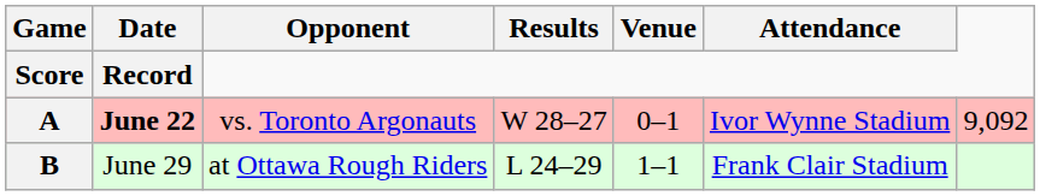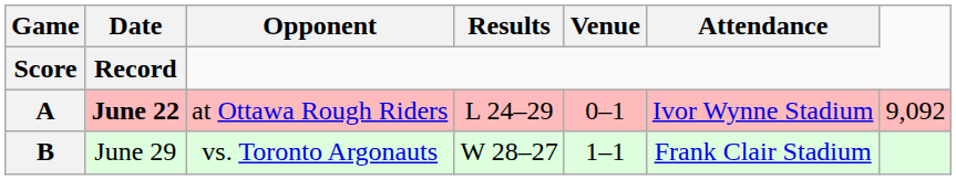 <table class="wikitable" style="text-align:center">
 <tr>
 <th>Game</th>
 <th>Date</th>
 <th>Opponent</th>
 <th>Results</th>
 <th>Venue</th>
 <th>Attendance</th>
 </tr>
 <tr>
 <th>Score</th>
 <th>Record</th>
 </tr>
 <tr style="background:#ffbbbb">
 <th>A</th>
 <td><strong>June 22</strong></td>
-<td>vs. <a href='#'>Toronto Argonauts</a></td>
-<td>W 28–27</td>
+<td>at <a href='#'>Ottawa Rough Riders</a></td>
+<td>L 24–29</td>
 <td>0–1</td>
 <td><a href='#'>Ivor Wynne Stadium</a></td>
 <td>9,092</td>
 </tr>
 <tr style="background:#ddffdd">
 <th>B</th>
 <td>June 29</td>
-<td>at <a href='#'>Ottawa Rough Riders</a></td>
-<td>L 24–29</td>
+<td>vs. <a href='#'>Toronto Argonauts</a></td>
+<td>W 28–27</td>
 <td>1–1</td>
 <td><a href='#'>Frank Clair Stadium</a></td>
 <td></td>
 </tr>
 </table>
